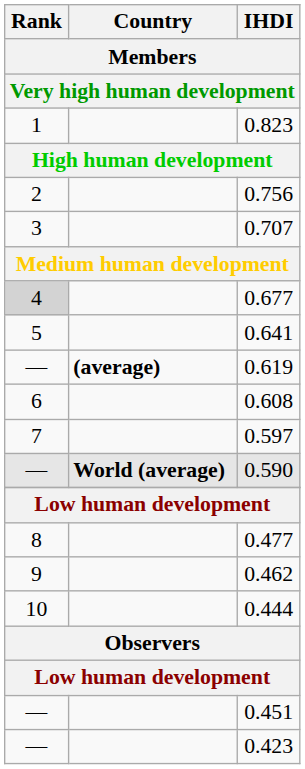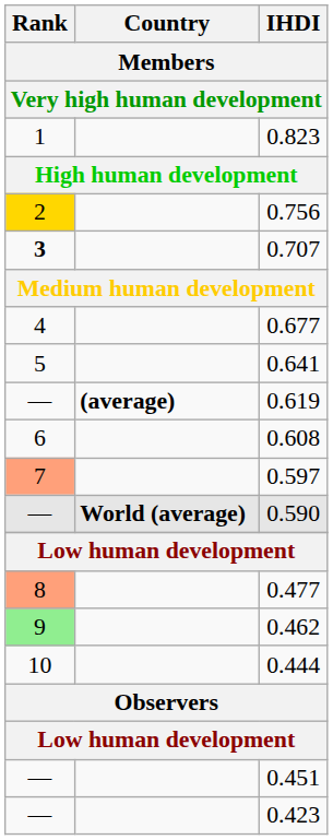 <table class="wikitable sortable" style="text-align:center">
 <tr>
 <th>Rank</th>
 <th>Country</th>
 <th>IHDI</th>
 </tr>
 <tr>
 <th scope="row" colspan="4">Members</th>
 </tr>
 <tr>
 <th scope="row" colspan="4" style="color:#090;">Very high human development</th>
 </tr>
 <tr>
 <td>1</td>
 <td style="text-align:left"></td>
 <td>0.823</td>
 </tr>
 <tr>
 <th scope="row" colspan="3" style="color:#0c0;">High human development</th>
 </tr>
 <tr>
-<td>2</td>
+<td style="background: gold;">2</td>
 <td style="text-align:left"></td>
 <td>0.756</td>
 </tr>
 <tr>
-<td>3</td>
+<td><strong>3</strong></td>
 <td style="text-align:left"></td>
 <td>0.707</td>
 </tr>
 <tr>
 <th scope="row" colspan="4" style="color:#fc0;">Medium human development</th>
 </tr>
 <tr>
-<td style="background: lightgrey;">4</td>
+<td>4</td>
 <td style="text-align:left"></td>
 <td>0.677</td>
 </tr>
 <tr>
 <td>5</td>
 <td style="text-align:left"></td>
 <td>0.641</td>
 </tr>
 <tr>
 <td>―</td>
 <td style="text-align:left"><strong> (average)</strong></td>
 <td>0.619</td>
 </tr>
 <tr>
 <td>6</td>
 <td style="text-align:left"></td>
 <td>0.608</td>
 </tr>
 <tr>
-<td>7</td>
+<td style="background: lightsalmon;">7</td>
 <td style="text-align:left"></td>
 <td>0.597</td>
 </tr>
 <tr style="background:#e6e6e6">
 <td>―</td>
 <td style="text-align:left"><strong>World (average)</strong></td>
 <td>0.590</td>
 </tr>
 <tr>
 </tr>
 <tr style="background:#e6e6e6">
 <th scope="row" colspan="4" style="color:#8b0000;">Low human development</th>
 </tr>
 <tr>
-<td>8</td>
+<td style="background: lightsalmon;">8</td>
 <td style="text-align:left"></td>
 <td>0.477</td>
 </tr>
 <tr>
-<td>9</td>
+<td style="background: lightgreen;">9</td>
 <td style="text-align:left"></td>
 <td>0.462</td>
 </tr>
 <tr>
 <td>10</td>
 <td style="text-align:left"></td>
 <td>0.444</td>
 </tr>
 <tr>
 <th scope="row" colspan="4">Observers</th>
 </tr>
 <tr>
 <th scope="row" colspan="4" style="color:#8b0000;">Low human development</th>
 </tr>
 <tr>
 <td>—</td>
 <td style="text-align:left"></td>
 <td>0.451</td>
 </tr>
 <tr>
 <td>—</td>
 <td style="text-align:left"></td>
 <td>0.423</td>
 </tr>
 </table>
